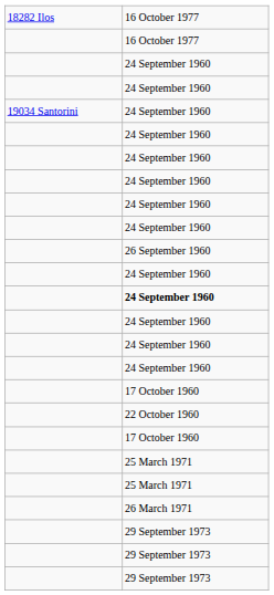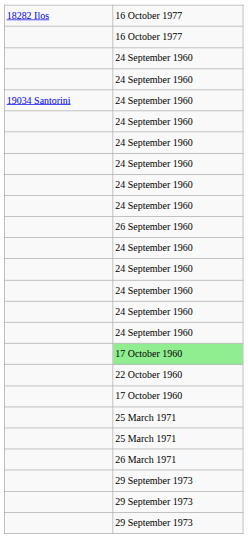 <table class="wikitable" style="font-size: 89%; float: left; width: 24em; margin-right: 1em; line-height: 1.65em">
 <tr>
 <td><a href='#'>18282 Ilos</a></td>
 <td>16 October 1977</td>
 </tr>
 <tr>
 <td></td>
 <td>16 October 1977</td>
 </tr>
 <tr>
 <td></td>
 <td>24 September 1960</td>
 </tr>
 <tr>
 <td></td>
 <td>24 September 1960</td>
 </tr>
 <tr>
 <td><a href='#'>19034 Santorini</a></td>
 <td>24 September 1960</td>
 </tr>
 <tr>
 <td></td>
 <td>24 September 1960</td>
 </tr>
 <tr>
 <td></td>
 <td>24 September 1960</td>
 </tr>
 <tr>
 <td></td>
 <td>24 September 1960</td>
 </tr>
 <tr>
 <td></td>
 <td>24 September 1960</td>
 </tr>
 <tr>
 <td></td>
 <td>24 September 1960</td>
 </tr>
 <tr>
 <td></td>
 <td>26 September 1960</td>
 </tr>
 <tr>
 <td></td>
 <td>24 September 1960</td>
 </tr>
 <tr>
 <td></td>
-<td><strong>24 September 1960</strong></td>
+<td>24 September 1960</td>
 </tr>
 <tr>
 <td></td>
 <td>24 September 1960</td>
 </tr>
 <tr>
 <td></td>
 <td>24 September 1960</td>
 </tr>
 <tr>
 <td></td>
 <td>24 September 1960</td>
 </tr>
 <tr>
 <td></td>
-<td>17 October 1960</td>
+<td style="background: lightgreen;">17 October 1960</td>
 </tr>
 <tr>
 <td></td>
 <td>22 October 1960</td>
 </tr>
 <tr>
 <td></td>
 <td>17 October 1960</td>
 </tr>
 <tr>
 <td></td>
 <td>25 March 1971</td>
 </tr>
 <tr>
 <td></td>
 <td>25 March 1971</td>
 </tr>
 <tr>
 <td></td>
 <td>26 March 1971</td>
 </tr>
 <tr>
 <td></td>
 <td>29 September 1973</td>
 </tr>
 <tr>
 <td></td>
 <td>29 September 1973</td>
 </tr>
 <tr>
 <td></td>
 <td>29 September 1973</td>
 </tr>
 </table>
